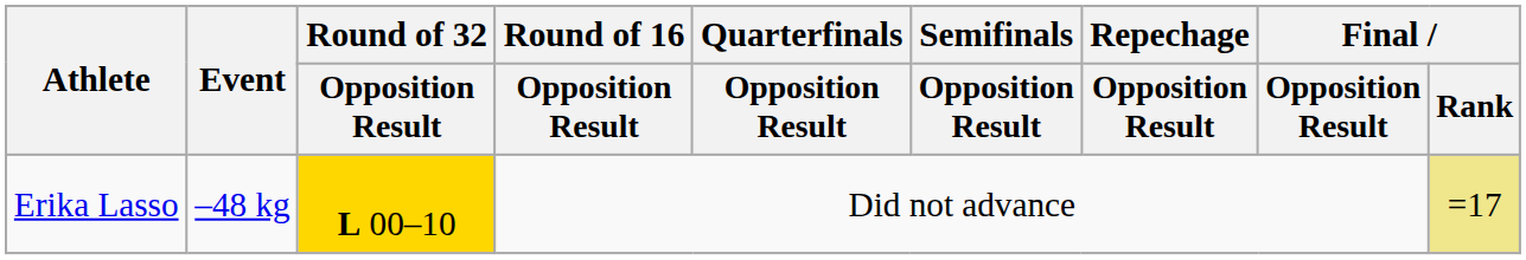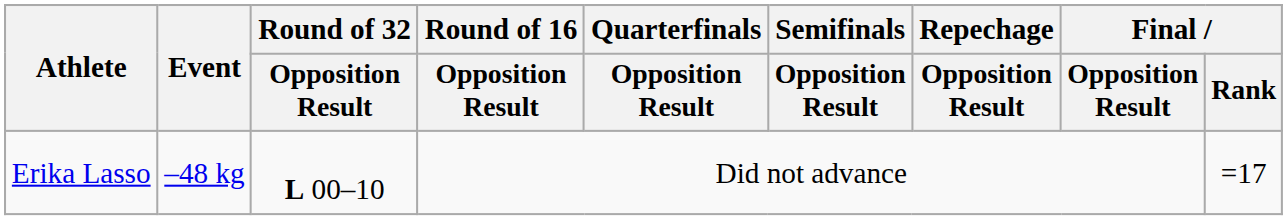 <table class="wikitable" style="font-size:90%">
 <tr>
 <th rowspan="2">Athlete</th>
 <th rowspan="2">Event</th>
 <th>Round of 32</th>
 <th>Round of 16</th>
 <th>Quarterfinals</th>
 <th>Semifinals</th>
 <th>Repechage</th>
 <th colspan=2>Final / </th>
 </tr>
 <tr style="font-size:95%">
 <th>Opposition<br>Result</th>
 <th>Opposition<br>Result</th>
 <th>Opposition<br>Result</th>
 <th>Opposition<br>Result</th>
 <th>Opposition<br>Result</th>
 <th>Opposition<br>Result</th>
 <th>Rank</th>
 </tr>
 <tr align=center>
 <td align=left><a href='#'>Erika Lasso</a></td>
 <td align=left><a href='#'>–48 kg</a></td>
-<td style="background: gold;"><br><strong>L</strong> 00–10</td>
+<td><br><strong>L</strong> 00–10</td>
 <td colspan=5>Did not advance</td>
-<td style="background: khaki;">=17</td>
+<td>=17</td>
 </tr>
 </table>
